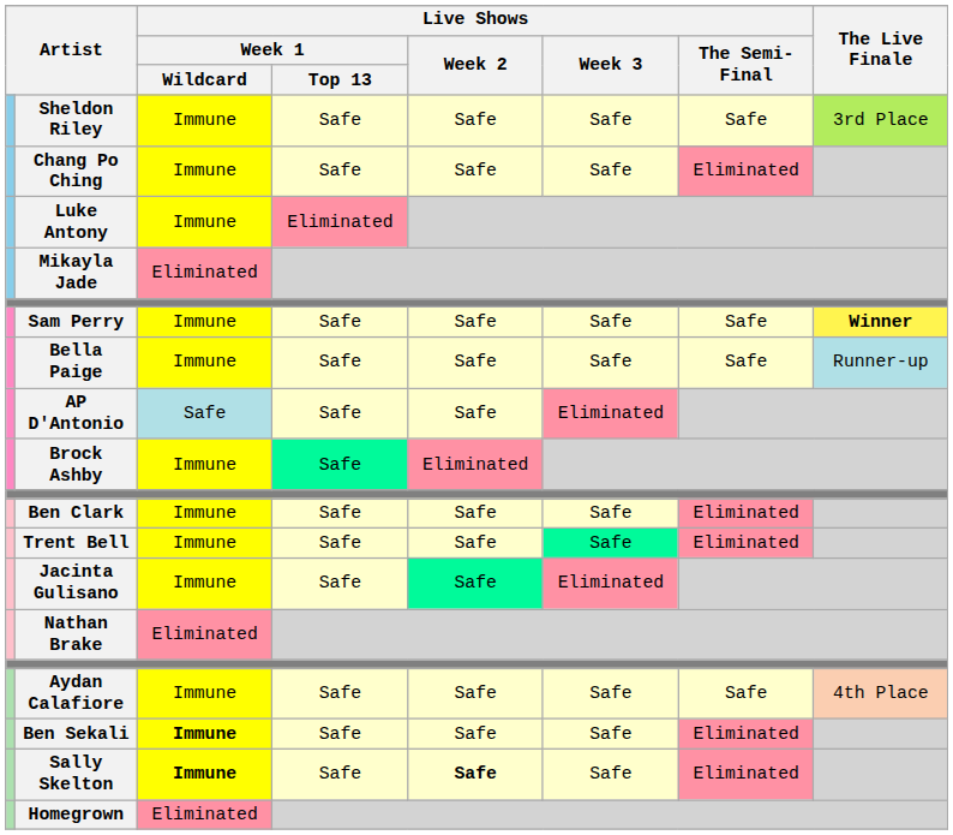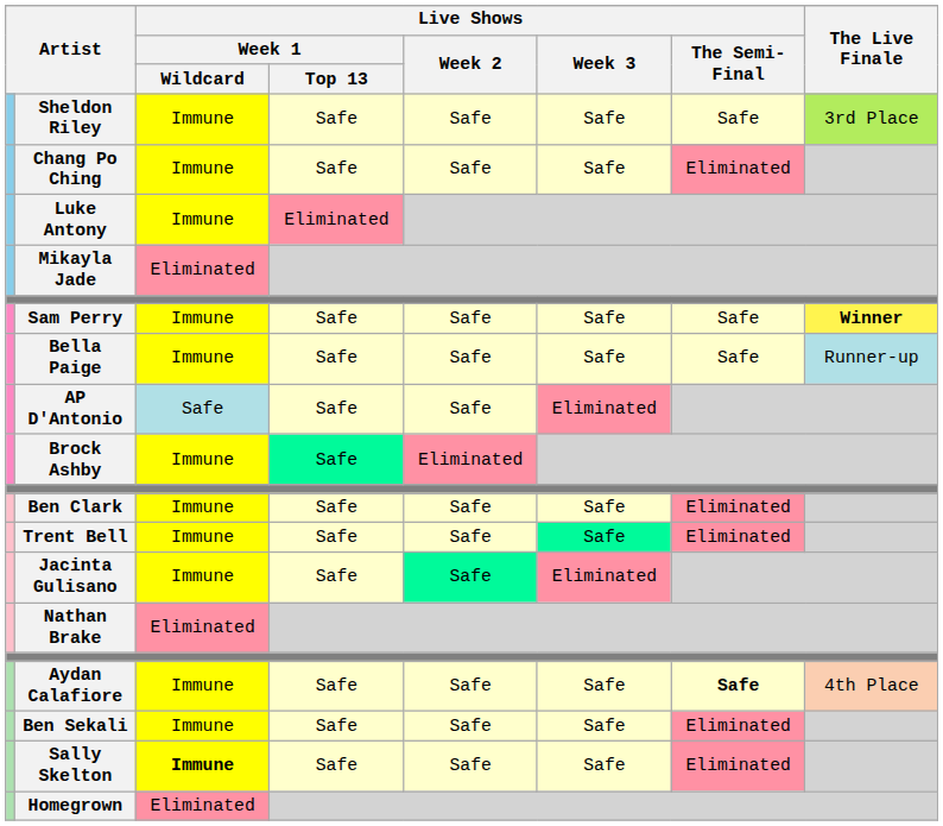 <table class="wikitable" style="font-size:90%; text-align:center; width:100%;">
 <tr>
 </tr>
 <tr>
 <th colspan="2" rowspan="3" width="11%">Artist</th>
 <th colspan="5" width="48%">Live Shows</th>
 <th Colspan="2" rowspan="3" width="12%">The Live Finale</th>
 </tr>
 <tr>
 <th Colspan="2" width="12%">Week 1</th>
 <th rowspan="2"  width="12%">Week 2</th>
 <th rowspan="2"  width="12%">Week 3</th>
 <th rowspan="2" width="12%">The Semi-Final</th>
 </tr>
 <tr>
 <th width="12%">Wildcard</th>
 <th width="12%">Top 13</th>
 </tr>
 <tr>
 <th style="background:#87ceeb;"></th>
 <th>Sheldon Riley</th>
 <td bgcolor="yellow">Immune</td>
 <td style="background:#FFFFCC;">Safe</td>
 <td style="background:#FFFFCC;">Safe</td>
 <td style="background:#FFFFCC;">Safe</td>
 <td style="background:#FFFFCC;">Safe</td>
 <td style="background:#B2EC5D;">3rd Place</td>
 </tr>
 <tr>
 <th style="background:#87ceeb;"></th>
 <th>Chang Po Ching</th>
 <td bgcolor="yellow">Immune</td>
 <td style="background:#FFFFCC;">Safe</td>
 <td style="background:#FFFFCC;">Safe</td>
 <td style="background:#FFFFCC;">Safe</td>
 <td style="background:#FF91A4">Eliminated</td>
 <td colspan="1" style="background:lightgrey"></td>
 </tr>
 <tr>
 <th style="background:#87ceeb;"></th>
 <th>Luke Antony</th>
 <td bgcolor="yellow">Immune</td>
 <td style="background:#FF91A4">Eliminated</td>
 <td colspan="4" style="background:lightgrey"></td>
 </tr>
 <tr>
 <th style="background:#87ceeb;"></th>
 <th>Mikayla Jade</th>
 <td style="background:#FF91A4">Eliminated</td>
 <td colspan="5" style="background:lightgrey"></td>
 </tr>
 <tr>
 <th colspan="10" style="background:gray;"></th>
 </tr>
 <tr>
 <th style="background: #FF87C3"></th>
 <th>Sam Perry</th>
 <td bgcolor="yellow">Immune</td>
 <td style="background:#FFFFCC;">Safe</td>
 <td style="background:#FFFFCC;">Safe</td>
 <td style="background:#FFFFCC;">Safe</td>
 <td style="background:#FFFFCC;">Safe</td>
 <td style="background:#FFF44F;"><strong>Winner</strong></td>
 </tr>
 <tr>
 <th style="background: #FF87C3"></th>
 <th>Bella Paige</th>
 <td bgcolor="yellow">Immune</td>
 <td style="background:#FFFFCC;">Safe</td>
 <td style="background:#FFFFCC;">Safe</td>
 <td style="background:#FFFFCC;">Safe</td>
 <td style="background:#FFFFCC;">Safe</td>
 <td style="background:#B0E0E6;">Runner-up</td>
 </tr>
 <tr>
 <th style="background: #FF87C3;"></th>
 <th>AP D'Antonio</th>
 <td style="background:#B0E0E6;">Safe</td>
 <td style="background:#FFFFCC;">Safe</td>
 <td style="background:#FFFFCC;">Safe</td>
 <td style="background:#FF91A4">Eliminated</td>
 <td colspan="2" style="background:lightgrey"></td>
 </tr>
 <tr>
 <th style="background: #FF87C3;"></th>
 <th>Brock Ashby</th>
 <td bgcolor="yellow">Immune</td>
 <td style="background:#00FA9A;">Safe</td>
 <td style="background:#FF91A4">Eliminated</td>
 <td colspan="3" style="background:lightgrey"></td>
 </tr>
 <tr>
 <th colspan="10" style="background:gray;"></th>
 </tr>
 <tr>
 <th style="background: pink;"></th>
 <th>Ben Clark</th>
 <td bgcolor="yellow">Immune</td>
 <td style="background:#FFFFCC;">Safe</td>
 <td style="background:#FFFFCC;">Safe</td>
 <td style="background:#FFFFCC;">Safe</td>
 <td style="background:#FF91A4">Eliminated</td>
 <td colspan="1" style="background:lightgrey"></td>
 </tr>
 <tr>
 <th style="background: pink;"></th>
 <th>Trent Bell</th>
 <td bgcolor="yellow">Immune</td>
 <td style="background:#FFFFCC;">Safe</td>
 <td style="background:#FFFFCC;">Safe</td>
 <td style="background:#00FA9A;">Safe</td>
 <td style="background:#FF91A4">Eliminated</td>
 <td colspan="1" style="background:lightgrey"></td>
 </tr>
 <tr>
 <th style="background: pink;"></th>
 <th>Jacinta Gulisano</th>
 <td bgcolor="yellow">Immune</td>
 <td style="background:#FFFFCC;">Safe</td>
 <td style="background:#00FA9A;">Safe</td>
 <td style="background:#FF91A4">Eliminated</td>
 <td colspan="2" style="background:lightgrey"></td>
 </tr>
 <tr>
 <th style="background: pink;"></th>
 <th>Nathan Brake</th>
 <td style="background:#FF91A4">Eliminated</td>
 <td colspan="5" style="background:lightgrey"></td>
 </tr>
 <tr>
 <th colspan="10" style="background:gray;"></th>
 </tr>
 <tr>
 <th style="background: #ace1af;"></th>
 <th>Aydan Calafiore</th>
 <td bgcolor="yellow">Immune</td>
 <td style="background:#FFFFCC;">Safe</td>
 <td style="background:#FFFFCC;">Safe</td>
 <td style="background:#FFFFCC;">Safe</td>
-<td style="background:#FFFFCC;">Safe</td>
+<td style="background:#FFFFCC;"><strong>Safe</strong></td>
 <td style="background:#FBCEB1;">4th Place</td>
 </tr>
 <tr>
 <th style="background: #ace1af;"></th>
 <th>Ben Sekali</th>
-<td bgcolor="yellow"><strong>Immune</strong></td>
+<td bgcolor="yellow">Immune</td>
 <td style="background:#FFFFCC;">Safe</td>
 <td style="background:#FFFFCC;">Safe</td>
 <td style="background:#FFFFCC;">Safe</td>
 <td style="background:#FF91A4">Eliminated</td>
 <td colspan="3" style="background:lightgrey"></td>
 </tr>
 <tr>
 <th style="background: #ace1af;"></th>
 <th>Sally Skelton</th>
 <td bgcolor="yellow"><strong>Immune</strong></td>
 <td style="background:#FFFFCC;">Safe</td>
-<td style="background:#FFFFCC;"><strong>Safe</strong></td>
+<td style="background:#FFFFCC;">Safe</td>
 <td style="background:#FFFFCC;">Safe</td>
 <td style="background:#FF91A4">Eliminated</td>
 <td colspan="4" style="background:lightgrey"></td>
 </tr>
 <tr>
 <th style="background: #ace1af;"></th>
 <th>Homegrown</th>
 <td style="background:#FF91A4">Eliminated</td>
 <td colspan="5" style="background:lightgrey"></td>
 </tr>
 </table>
